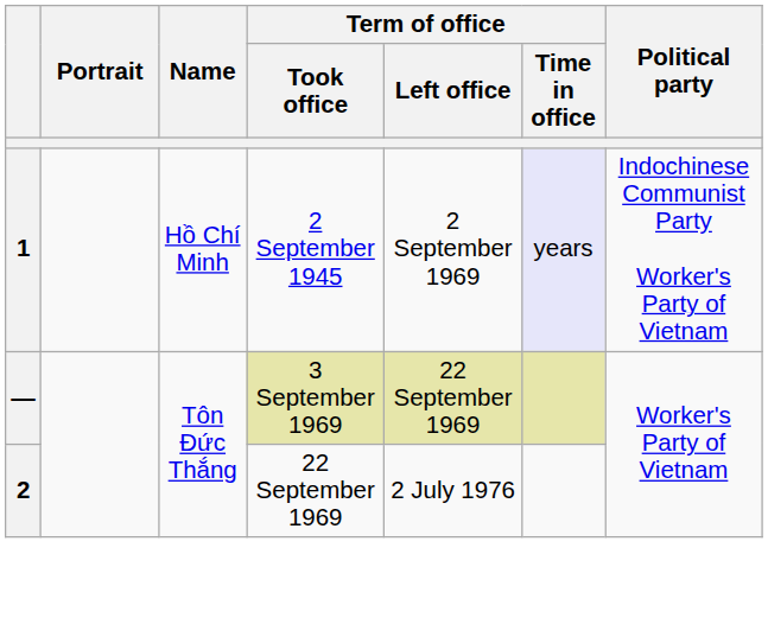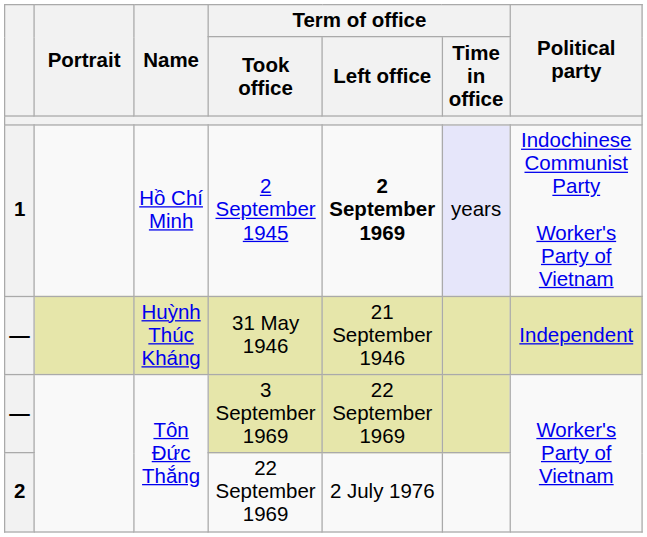 <table class="wikitable" style="text-align:center; border:1px #aaf solid; width:80%;">
 <tr>
 <th rowspan="2"></th>
 <th rowspan="2" style="width:70px;">Portrait</th>
 <th rowspan="2">Name<br></th>
 <th colspan="3">Term of office</th>
 <th rowspan="2">Political party</th>
 </tr>
 <tr>
 <th>Took office</th>
 <th>Left office</th>
 <th>Time in office</th>
 </tr>
 <tr>
 <th colspan=7></th>
 </tr>
 <tr>
 <th style="background:">1</th>
 <td></td>
 <td><a href='#'>Hồ Chí Minh</a><br></td>
 <td><a href='#'>2 September 1945</a></td>
-<td>2 September 1969</td>
+<td><strong>2 September 1969</strong></td>
 <td style="background: lavender;"> years</td>
 <td><a href='#'>Indochinese Communist Party</a><br> <br> <a href='#'>Worker's Party of Vietnam</a><br></td>
+</tr>
+<tr>
+<th style="background:">—</th>
+<td style="background:#e6e6aa;"></td>
+<td style="background:#e6e6aa;"><a href='#'>Huỳnh Thúc Kháng</a><br></td>
+<td style="background:#e6e6aa;">31 May 1946</td>
+<td style="background:#e6e6aa;">21 September 1946</td>
+<td style="background:#e6e6aa;"></td>
+<td style="background:#e6e6aa;"><a href='#'>Independent</a></td>
 </tr>
 <tr>
 <th style="background:">—</th>
 <td rowspan="2"></td>
 <td rowspan="2"><a href='#'>Tôn Đức Thắng</a><br></td>
 <td style="background:#e6e6aa;">3 September 1969</td>
 <td style="background:#e6e6aa;">22 September 1969</td>
 <td style="background:#e6e6aa;"></td>
 <td rowspan="2"><a href='#'>Worker's Party of Vietnam</a></td>
 </tr>
 <tr>
 <th style="background:">2</th>
 <td>22 September 1969</td>
 <td>2 July 1976</td>
 <td></td>
 </tr>
 </table>
